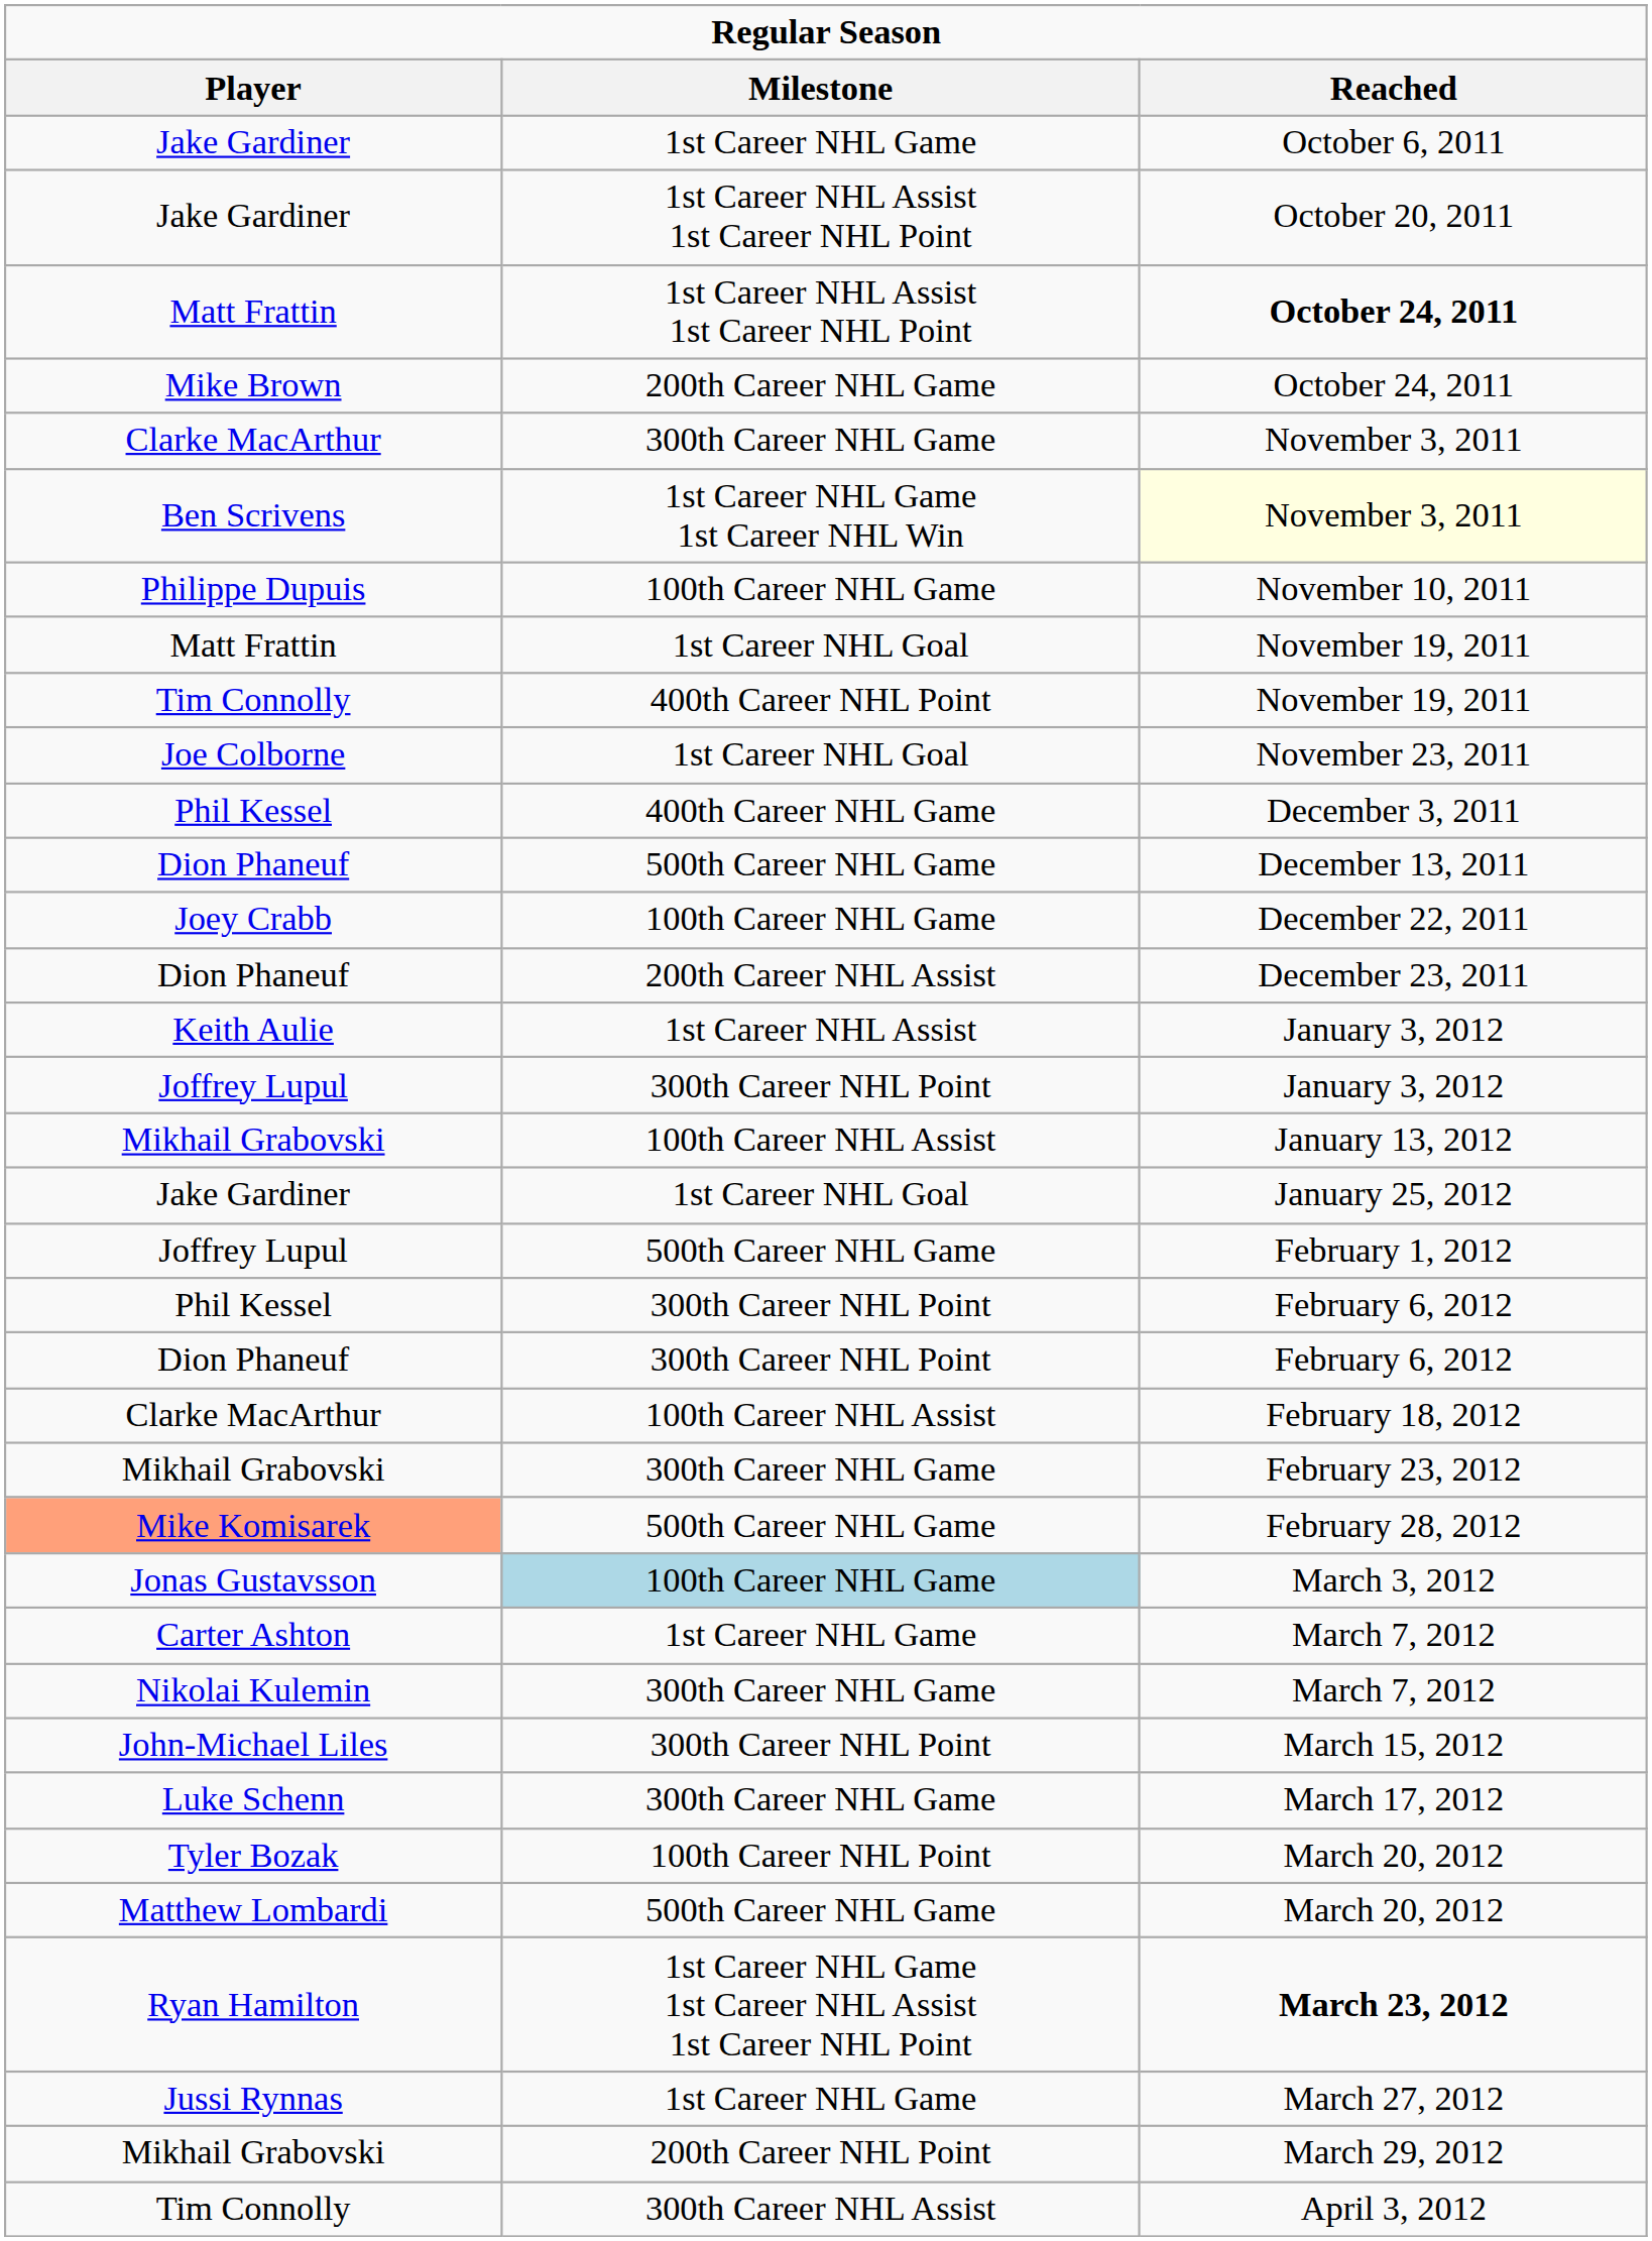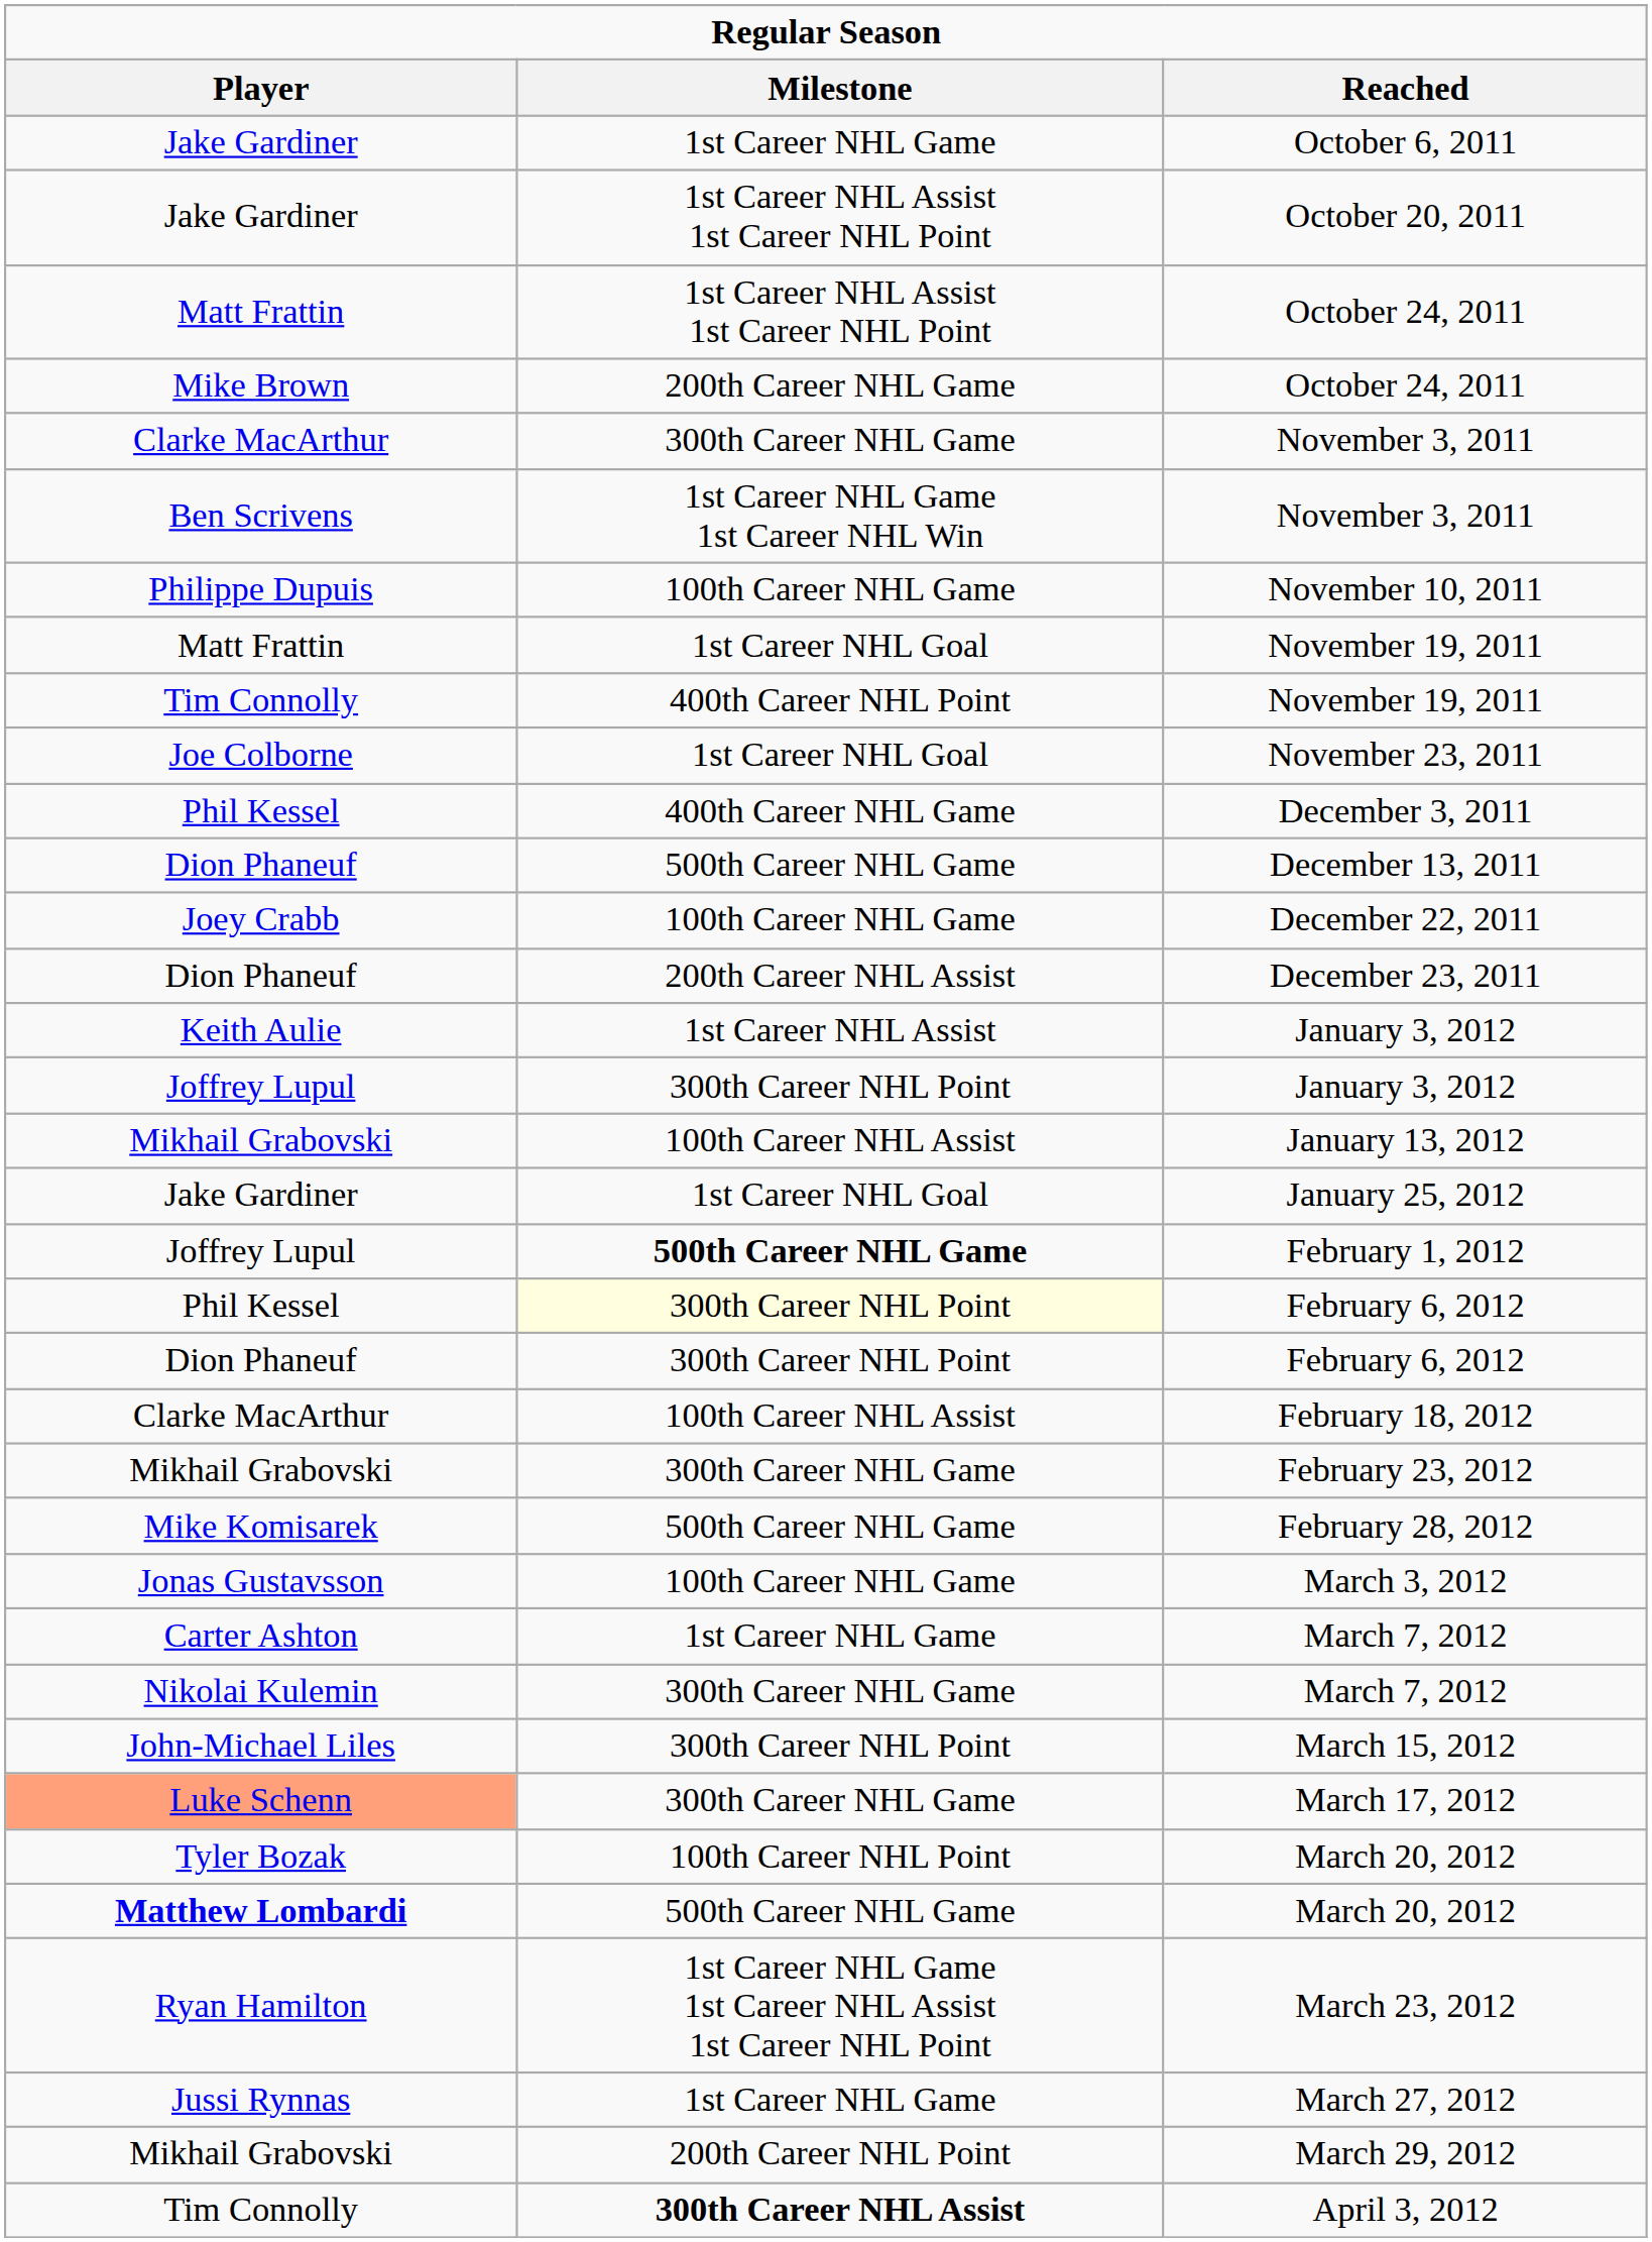 <table class="wikitable" style="width:60%; text-align:center;">
 <tr>
 <td colspan="10" style="text-align:center;"><strong>Regular Season</strong></td>
 </tr>
 <tr>
 <th>Player</th>
 <th>Milestone</th>
 <th>Reached</th>
 </tr>
 <tr>
 <td><a href='#'>Jake Gardiner</a></td>
 <td>1st Career NHL Game</td>
 <td>October 6, 2011</td>
 </tr>
 <tr>
 <td>Jake Gardiner</td>
 <td>1st Career NHL Assist<br>1st Career NHL Point</td>
 <td>October 20, 2011</td>
 </tr>
 <tr>
 <td><a href='#'>Matt Frattin</a></td>
 <td>1st Career NHL Assist<br>1st Career NHL Point</td>
-<td><strong>October 24, 2011</strong></td>
+<td>October 24, 2011</td>
 </tr>
 <tr>
 <td><a href='#'>Mike Brown</a></td>
 <td>200th Career NHL Game</td>
 <td>October 24, 2011</td>
 </tr>
 <tr>
 <td><a href='#'>Clarke MacArthur</a></td>
 <td>300th Career NHL Game</td>
 <td>November 3, 2011</td>
 </tr>
 <tr>
 <td><a href='#'>Ben Scrivens</a></td>
 <td>1st Career NHL Game<br>1st Career NHL Win</td>
-<td style="background: lightyellow;">November 3, 2011</td>
+<td>November 3, 2011</td>
 </tr>
 <tr>
 <td><a href='#'>Philippe Dupuis</a></td>
 <td>100th Career NHL Game</td>
 <td>November 10, 2011</td>
 </tr>
 <tr>
 <td>Matt Frattin</td>
 <td>1st Career NHL Goal</td>
 <td>November 19, 2011</td>
 </tr>
 <tr>
 <td><a href='#'>Tim Connolly</a></td>
 <td>400th Career NHL Point</td>
 <td>November 19, 2011</td>
 </tr>
 <tr>
 <td><a href='#'>Joe Colborne</a></td>
 <td>1st Career NHL Goal</td>
 <td>November 23, 2011</td>
 </tr>
 <tr>
 <td><a href='#'>Phil Kessel</a></td>
 <td>400th Career NHL Game</td>
 <td>December 3, 2011</td>
 </tr>
 <tr>
 <td><a href='#'>Dion Phaneuf</a></td>
 <td>500th Career NHL Game</td>
 <td>December 13, 2011</td>
 </tr>
 <tr>
 <td><a href='#'>Joey Crabb</a></td>
 <td>100th Career NHL Game</td>
 <td>December 22, 2011</td>
 </tr>
 <tr>
 <td>Dion Phaneuf</td>
 <td>200th Career NHL Assist</td>
 <td>December 23, 2011</td>
 </tr>
 <tr>
 <td><a href='#'>Keith Aulie</a></td>
 <td>1st Career NHL Assist</td>
 <td>January 3, 2012</td>
 </tr>
 <tr>
 <td><a href='#'>Joffrey Lupul</a></td>
 <td>300th Career NHL Point</td>
 <td>January 3, 2012</td>
 </tr>
 <tr>
 <td><a href='#'>Mikhail Grabovski</a></td>
 <td>100th Career NHL Assist</td>
 <td>January 13, 2012</td>
 </tr>
 <tr>
 <td>Jake Gardiner</td>
 <td>1st Career NHL Goal</td>
 <td>January 25, 2012</td>
 </tr>
 <tr>
 <td>Joffrey Lupul</td>
-<td>500th Career NHL Game</td>
+<td><strong>500th Career NHL Game</strong></td>
 <td>February 1, 2012</td>
 </tr>
 <tr>
 <td>Phil Kessel</td>
-<td>300th Career NHL Point</td>
+<td style="background: lightyellow;">300th Career NHL Point</td>
 <td>February 6, 2012</td>
 </tr>
 <tr>
 <td>Dion Phaneuf</td>
 <td>300th Career NHL Point</td>
 <td>February 6, 2012</td>
 </tr>
 <tr>
 <td>Clarke MacArthur</td>
 <td>100th Career NHL Assist</td>
 <td>February 18, 2012</td>
 </tr>
 <tr>
 <td>Mikhail Grabovski</td>
 <td>300th Career NHL Game</td>
 <td>February 23, 2012</td>
 </tr>
 <tr>
-<td style="background: lightsalmon;"><a href='#'>Mike Komisarek</a></td>
+<td><a href='#'>Mike Komisarek</a></td>
 <td>500th Career NHL Game</td>
 <td>February 28, 2012</td>
 </tr>
 <tr>
 <td><a href='#'>Jonas Gustavsson</a></td>
-<td style="background: lightblue;">100th Career NHL Game</td>
+<td>100th Career NHL Game</td>
 <td>March 3, 2012</td>
 </tr>
 <tr>
 <td><a href='#'>Carter Ashton</a></td>
 <td>1st Career NHL Game</td>
 <td>March 7, 2012</td>
 </tr>
 <tr>
 <td><a href='#'>Nikolai Kulemin</a></td>
 <td>300th Career NHL Game</td>
 <td>March 7, 2012</td>
 </tr>
 <tr>
 <td><a href='#'>John-Michael Liles</a></td>
 <td>300th Career NHL Point</td>
 <td>March 15, 2012</td>
 </tr>
 <tr>
-<td><a href='#'>Luke Schenn</a></td>
+<td style="background: lightsalmon;"><a href='#'>Luke Schenn</a></td>
 <td>300th Career NHL Game</td>
 <td>March 17, 2012</td>
 </tr>
 <tr>
 <td><a href='#'>Tyler Bozak</a></td>
 <td>100th Career NHL Point</td>
 <td>March 20, 2012</td>
 </tr>
 <tr>
-<td><a href='#'>Matthew Lombardi</a></td>
+<td><strong><a href='#'>Matthew Lombardi</a></strong></td>
 <td>500th Career NHL Game</td>
 <td>March 20, 2012</td>
 </tr>
 <tr>
 <td><a href='#'>Ryan Hamilton</a></td>
 <td>1st Career NHL Game<br>1st Career NHL Assist<br>1st Career NHL Point</td>
-<td><strong>March 23, 2012</strong></td>
+<td>March 23, 2012</td>
 </tr>
 <tr>
 <td><a href='#'>Jussi Rynnas</a></td>
 <td>1st Career NHL Game</td>
 <td>March 27, 2012</td>
 </tr>
 <tr>
 <td>Mikhail Grabovski</td>
 <td>200th Career NHL Point</td>
 <td>March 29, 2012</td>
 </tr>
 <tr>
 <td>Tim Connolly</td>
-<td>300th Career NHL Assist</td>
+<td><strong>300th Career NHL Assist</strong></td>
 <td>April 3, 2012</td>
 </tr>
 </table>
